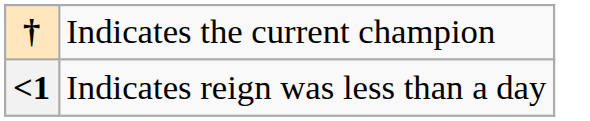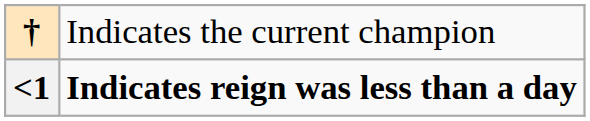 <table class="wikitable">
 <tr>
 <th style="background-color: #ffe6bd;">†</th>
 <td>Indicates the current champion</td>
 </tr>
 <tr>
 <th><1</th>
-<td>Indicates reign was less than a day</td>
+<td><strong>Indicates reign was less than a day</strong></td>
 </tr>
 </table>
